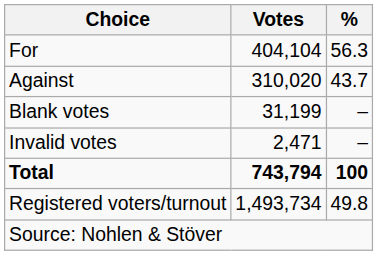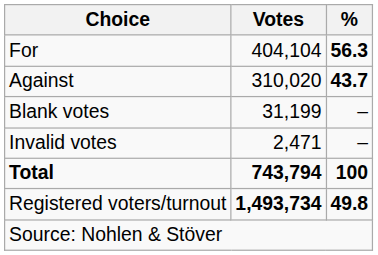 <table class=wikitable style=text-align:right>
 <tr>
 <th>Choice</th>
 <th>Votes</th>
 <th>%</th>
 </tr>
 <tr>
 <td align=left>For</td>
 <td>404,104</td>
-<td>56.3</td>
+<td><strong>56.3</strong></td>
 </tr>
 <tr>
 <td align=left>Against</td>
 <td>310,020</td>
-<td>43.7</td>
+<td><strong>43.7</strong></td>
 </tr>
 <tr>
 <td align=left>Blank votes</td>
 <td>31,199</td>
 <td>–</td>
 </tr>
 <tr>
 <td align=left>Invalid votes</td>
 <td>2,471</td>
 <td>–</td>
 </tr>
 <tr>
 <td align=left><strong>Total</strong></td>
 <td><strong>743,794</strong></td>
 <td><strong>100</strong></td>
 </tr>
 <tr>
 <td align=left>Registered voters/turnout</td>
-<td>1,493,734</td>
-<td>49.8</td>
+<td><strong>1,493,734</strong></td>
+<td><strong>49.8</strong></td>
 </tr>
 <tr>
 <td align=left colspan=3>Source: Nohlen & Stöver</td>
 </tr>
 </table>
